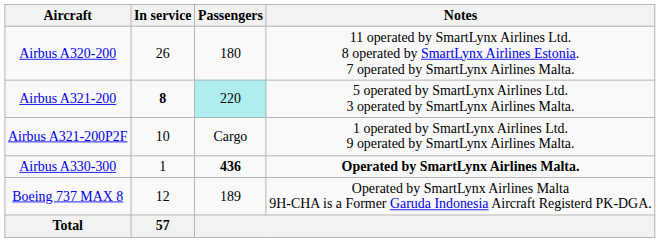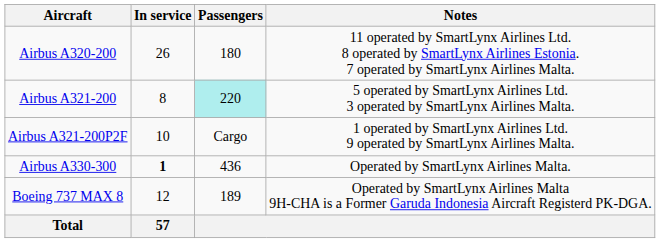 <table class="wikitable" style="margin:0.5em auto; text-align:center">
 <tr>
 <th>Aircraft</th>
 <th>In service</th>
 <th>Passengers</th>
 <th>Notes</th>
 </tr>
 <tr>
 <td><a href='#'>Airbus A320-200</a></td>
 <td>26</td>
 <td>180</td>
 <td>11 operated by SmartLynx Airlines Ltd.<br>8 operated by <a href='#'>SmartLynx Airlines Estonia</a>.<br>7 operated by SmartLynx Airlines Malta.</td>
 </tr>
 <tr>
 <td><a href='#'>Airbus A321-200</a></td>
-<td><strong>8</strong></td>
+<td>8</td>
 <td style="background: paleturquoise;">220</td>
 <td>5 operated by SmartLynx Airlines Ltd.<br>3 operated by SmartLynx Airlines Malta.</td>
 </tr>
 <tr>
 <td><a href='#'>Airbus A321-200P2F</a></td>
 <td>10</td>
 <td>Cargo</td>
 <td>1 operated by SmartLynx Airlines Ltd.<br>9 operated by SmartLynx Airlines Malta.</td>
 </tr>
 <tr>
 <td><a href='#'>Airbus A330-300</a></td>
-<td>1</td>
-<td><strong>436</strong></td>
-<td><strong>Operated by SmartLynx Airlines Malta.</strong></td>
+<td><strong>1</strong></td>
+<td>436</td>
+<td>Operated by SmartLynx Airlines Malta.</td>
 </tr>
 <tr>
 <td><a href='#'>Boeing 737 MAX 8</a></td>
 <td>12</td>
 <td>189</td>
 <td>Operated by SmartLynx Airlines Malta<br>9H-CHA is a Former <a href='#'>Garuda Indonesia</a> Aircraft Registerd PK-DGA.</td>
 </tr>
 <tr>
 <th>Total</th>
 <th>57</th>
 <th colspan=2></th>
 </tr>
 </table>
